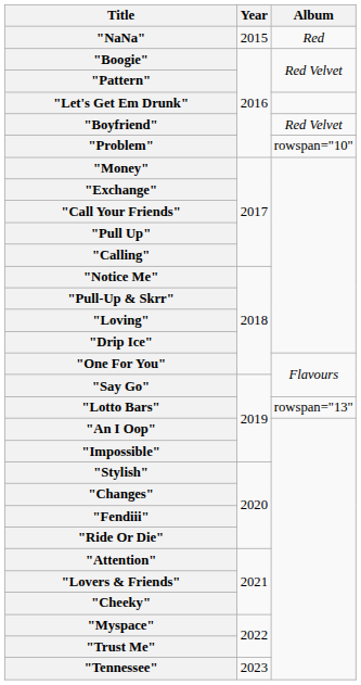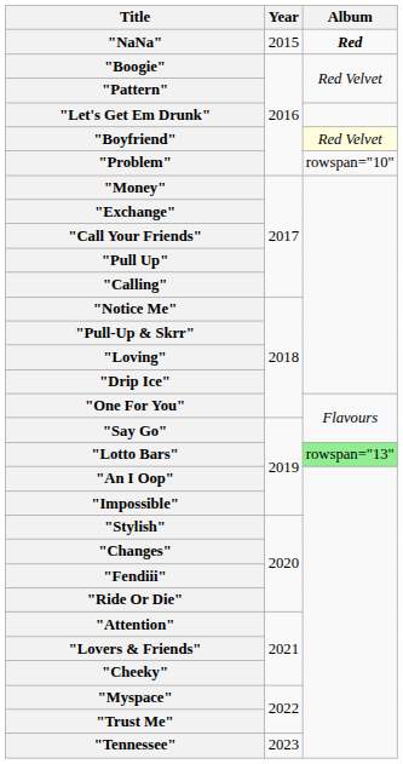 <table class="wikitable plainrowheaders" style="text-align:center;">
 <tr>
 <th rowspan="1" scope="col" style="width:16.5em;">Title</th>
 <th rowspan="1" scope="col">Year</th>
 <th rowspan="1" scope="col">Album</th>
 </tr>
 <tr>
 <th scope="row">"NaNa"<br></th>
 <td>2015</td>
-<td><em>Red</em></td>
+<td><strong><em>Red</em></strong></td>
 </tr>
 <tr>
 <th scope="row">"Boogie"</th>
 <td rowspan="5">2016</td>
 <td rowspan="2"><em>Red Velvet</em></td>
 </tr>
 <tr>
 <th scope="row">"Pattern"</th>
 </tr>
 <tr>
 <th scope="row">"Let's Get Em Drunk"</th>
 <td></td>
 </tr>
 <tr>
 <th scope="row">"Boyfriend"</th>
-<td><em>Red Velvet</em></td>
+<td style="background: lightyellow;"><em>Red Velvet</em></td>
 </tr>
 <tr>
 <th scope="row">"Problem"</th>
 <td>rowspan="10" </td>
 </tr>
 <tr>
 <th scope="row">"Money"</th>
 <td rowspan="5">2017</td>
 </tr>
 <tr>
 <th scope="row">"Exchange"<br></th>
 </tr>
 <tr>
 <th scope="row">"Call Your Friends"</th>
 </tr>
 <tr>
 <th scope="row">"Pull Up"<br></th>
 </tr>
 <tr>
 <th scope="row">"Calling"<br></th>
 </tr>
 <tr>
 <th scope="row">"Notice Me"</th>
 <td rowspan="5">2018</td>
 </tr>
 <tr>
 <th scope="row">"Pull-Up & Skrr"</th>
 </tr>
 <tr>
 <th scope="row">"Loving"<br></th>
 </tr>
 <tr>
 <th scope="row">"Drip Ice"</th>
 </tr>
 <tr>
 <th scope="row">"One For You"<br></th>
 <td rowspan="2"><em>Flavours</em></td>
 </tr>
 <tr>
 <th scope="row">"Say Go"</th>
 <td rowspan="4">2019</td>
 </tr>
 <tr>
 <th scope="row">"Lotto Bars"</th>
-<td>rowspan="13" </td>
+<td style="background: lightgreen;">rowspan="13" </td>
 </tr>
 <tr>
 <th scope="row">"An I Oop"<br></th>
 </tr>
 <tr>
 <th scope="row">"Impossible"<br></th>
 </tr>
 <tr>
 <th scope="row">"Stylish"<br></th>
 <td rowspan="4">2020</td>
 </tr>
 <tr>
 <th scope="row">"Changes"</th>
 </tr>
 <tr>
 <th scope="row">"Fendiii"</th>
 </tr>
 <tr>
 <th scope="row">"Ride Or Die"<br></th>
 </tr>
 <tr>
 <th scope="row">"Attention"</th>
 <td rowspan="3">2021</td>
 </tr>
 <tr>
 <th scope="row">"Lovers & Friends"</th>
 </tr>
 <tr>
 <th scope="row">"Cheeky"</th>
 </tr>
 <tr>
 <th scope="row">"Myspace"</th>
 <td rowspan="2">2022</td>
 </tr>
 <tr>
 <th scope="row">"Trust Me"</th>
 </tr>
 <tr>
 <th scope="row">"Tennessee"</th>
 <td rowspan="1">2023</td>
 </tr>
 </table>
